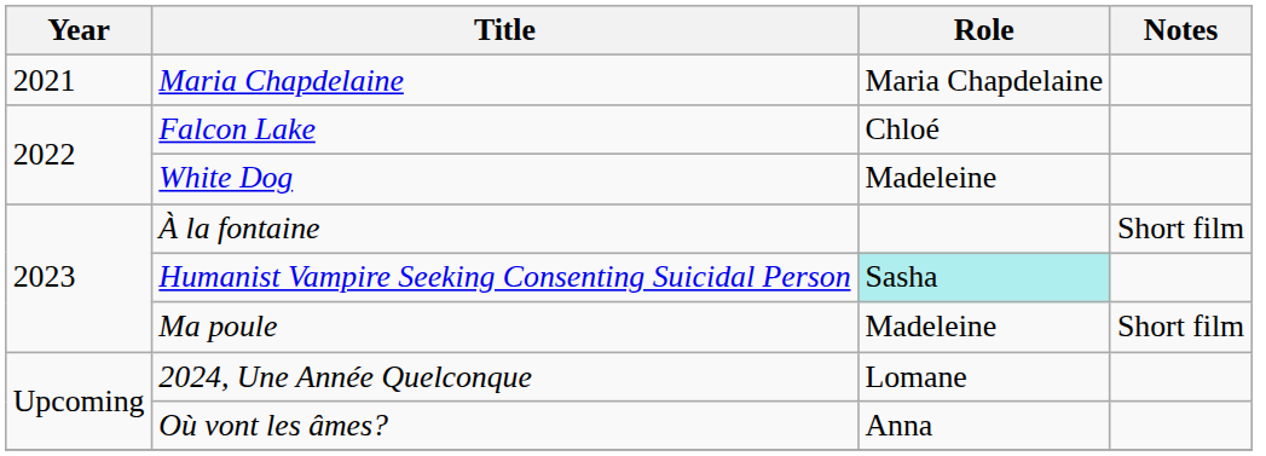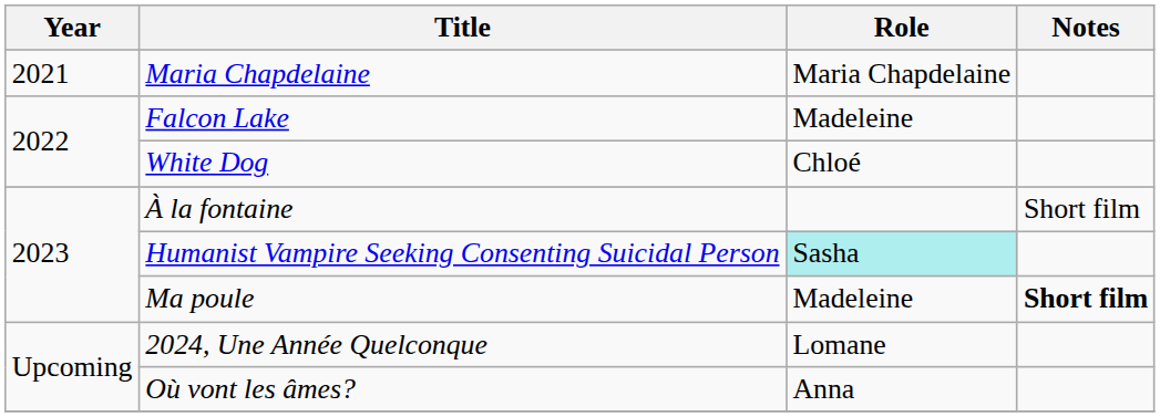 <table class="wikitable sortable">
 <tr>
 <th>Year</th>
 <th>Title</th>
 <th>Role</th>
 <th scope="col" class="unsortable">Notes</th>
 </tr>
 <tr>
 <td>2021</td>
 <td><em><a href='#'>Maria Chapdelaine</a></em></td>
 <td>Maria Chapdelaine</td>
 <td></td>
 </tr>
 <tr>
 <td rowspan="2">2022</td>
 <td><em><a href='#'>Falcon Lake</a></em></td>
-<td>Chloé</td>
+<td>Madeleine</td>
 <td></td>
 </tr>
 <tr>
 <td><em><a href='#'>White Dog</a></em></td>
-<td>Madeleine</td>
+<td>Chloé</td>
 <td></td>
 </tr>
 <tr>
 <td rowspan="3">2023</td>
 <td><em>À la fontaine</em></td>
 <td></td>
 <td>Short film</td>
 </tr>
 <tr>
 <td><em><a href='#'>Humanist Vampire Seeking Consenting Suicidal Person</a></em></td>
 <td style="background: paleturquoise;">Sasha</td>
 <td></td>
 </tr>
 <tr>
 <td><em>Ma poule</em></td>
 <td>Madeleine</td>
-<td>Short film</td>
+<td><strong>Short film</strong></td>
 </tr>
 <tr>
 <td rowspan="2">Upcoming</td>
 <td><em>2024, Une Année Quelconque</em></td>
 <td>Lomane</td>
 <td></td>
 </tr>
 <tr>
 <td><em>Où vont les âmes?</em></td>
 <td>Anna</td>
 <td></td>
 </tr>
 <tr>
 </tr>
 </table>
